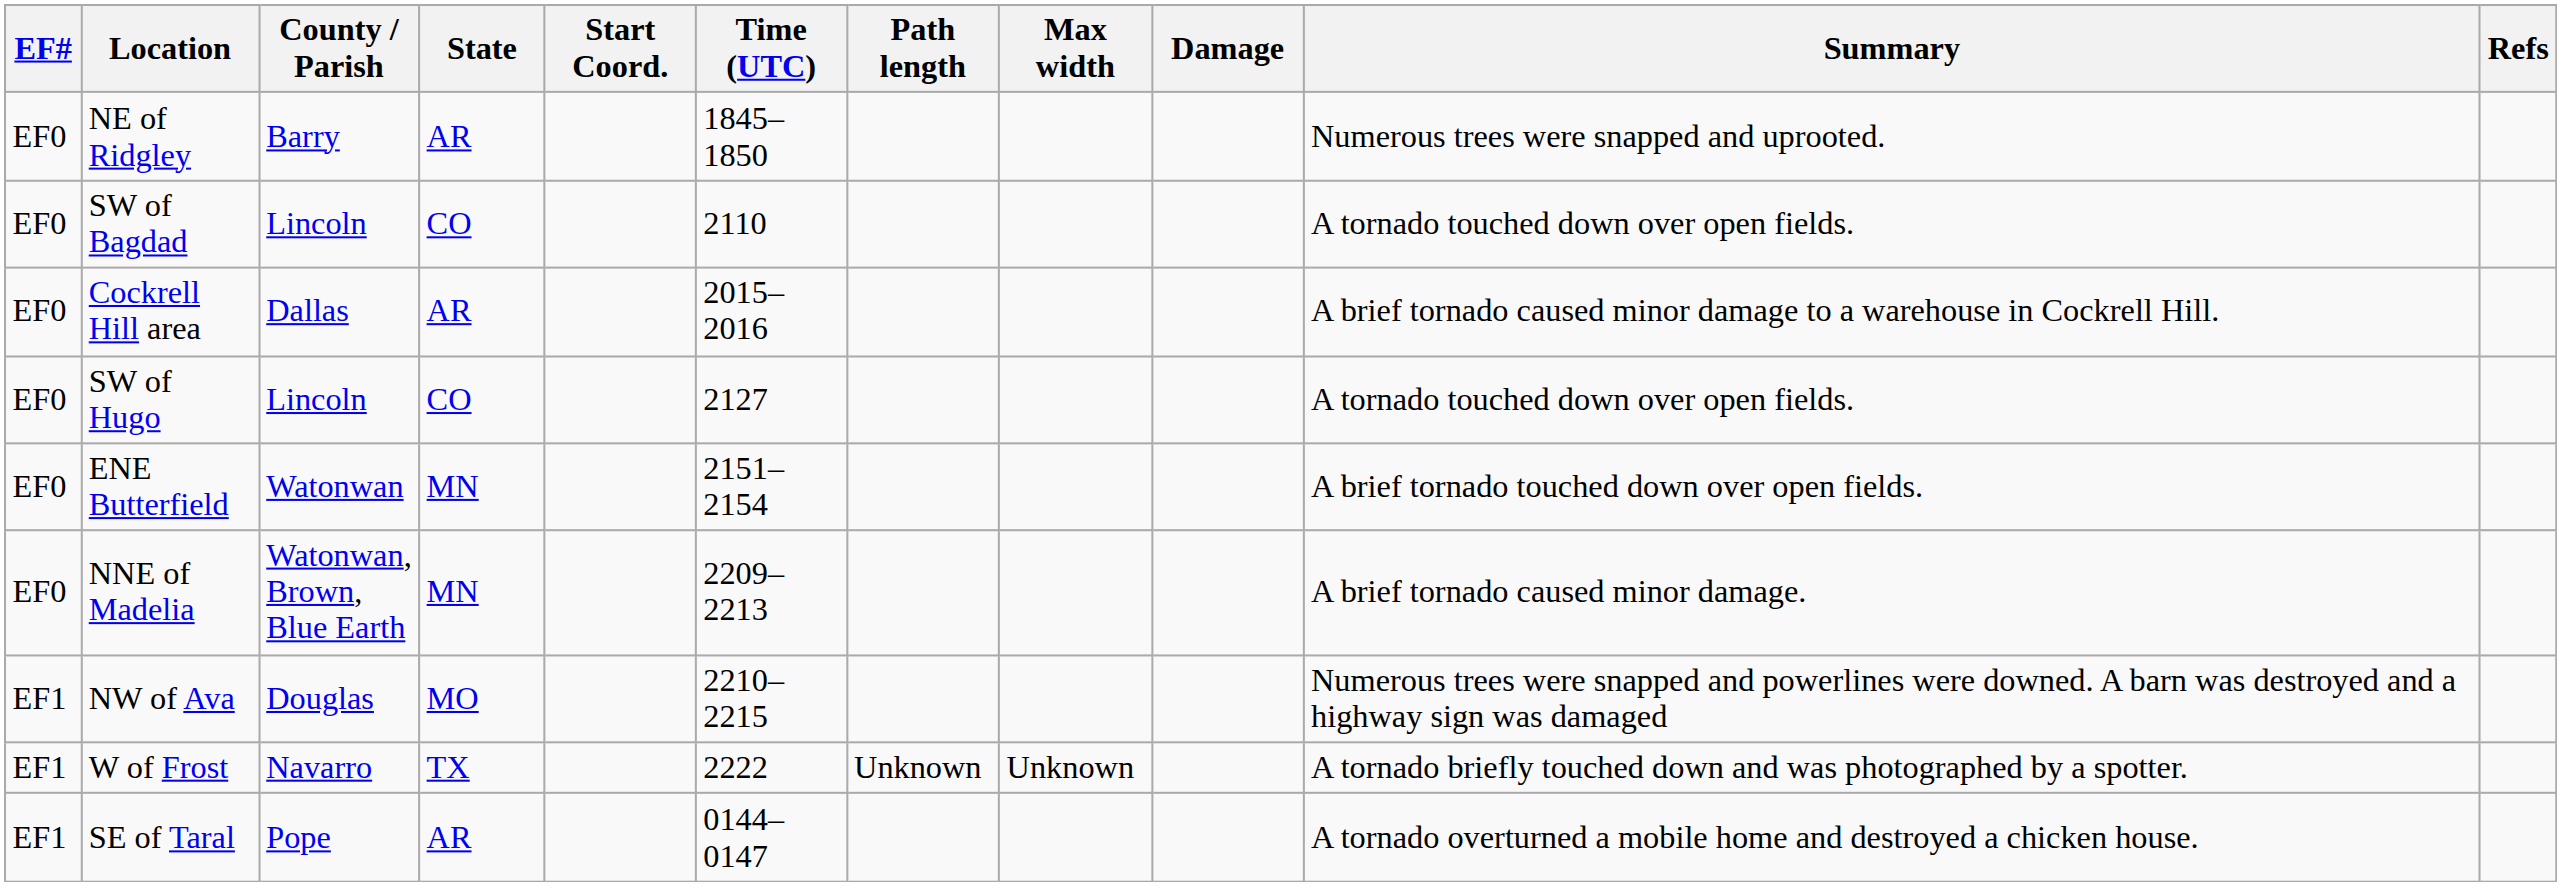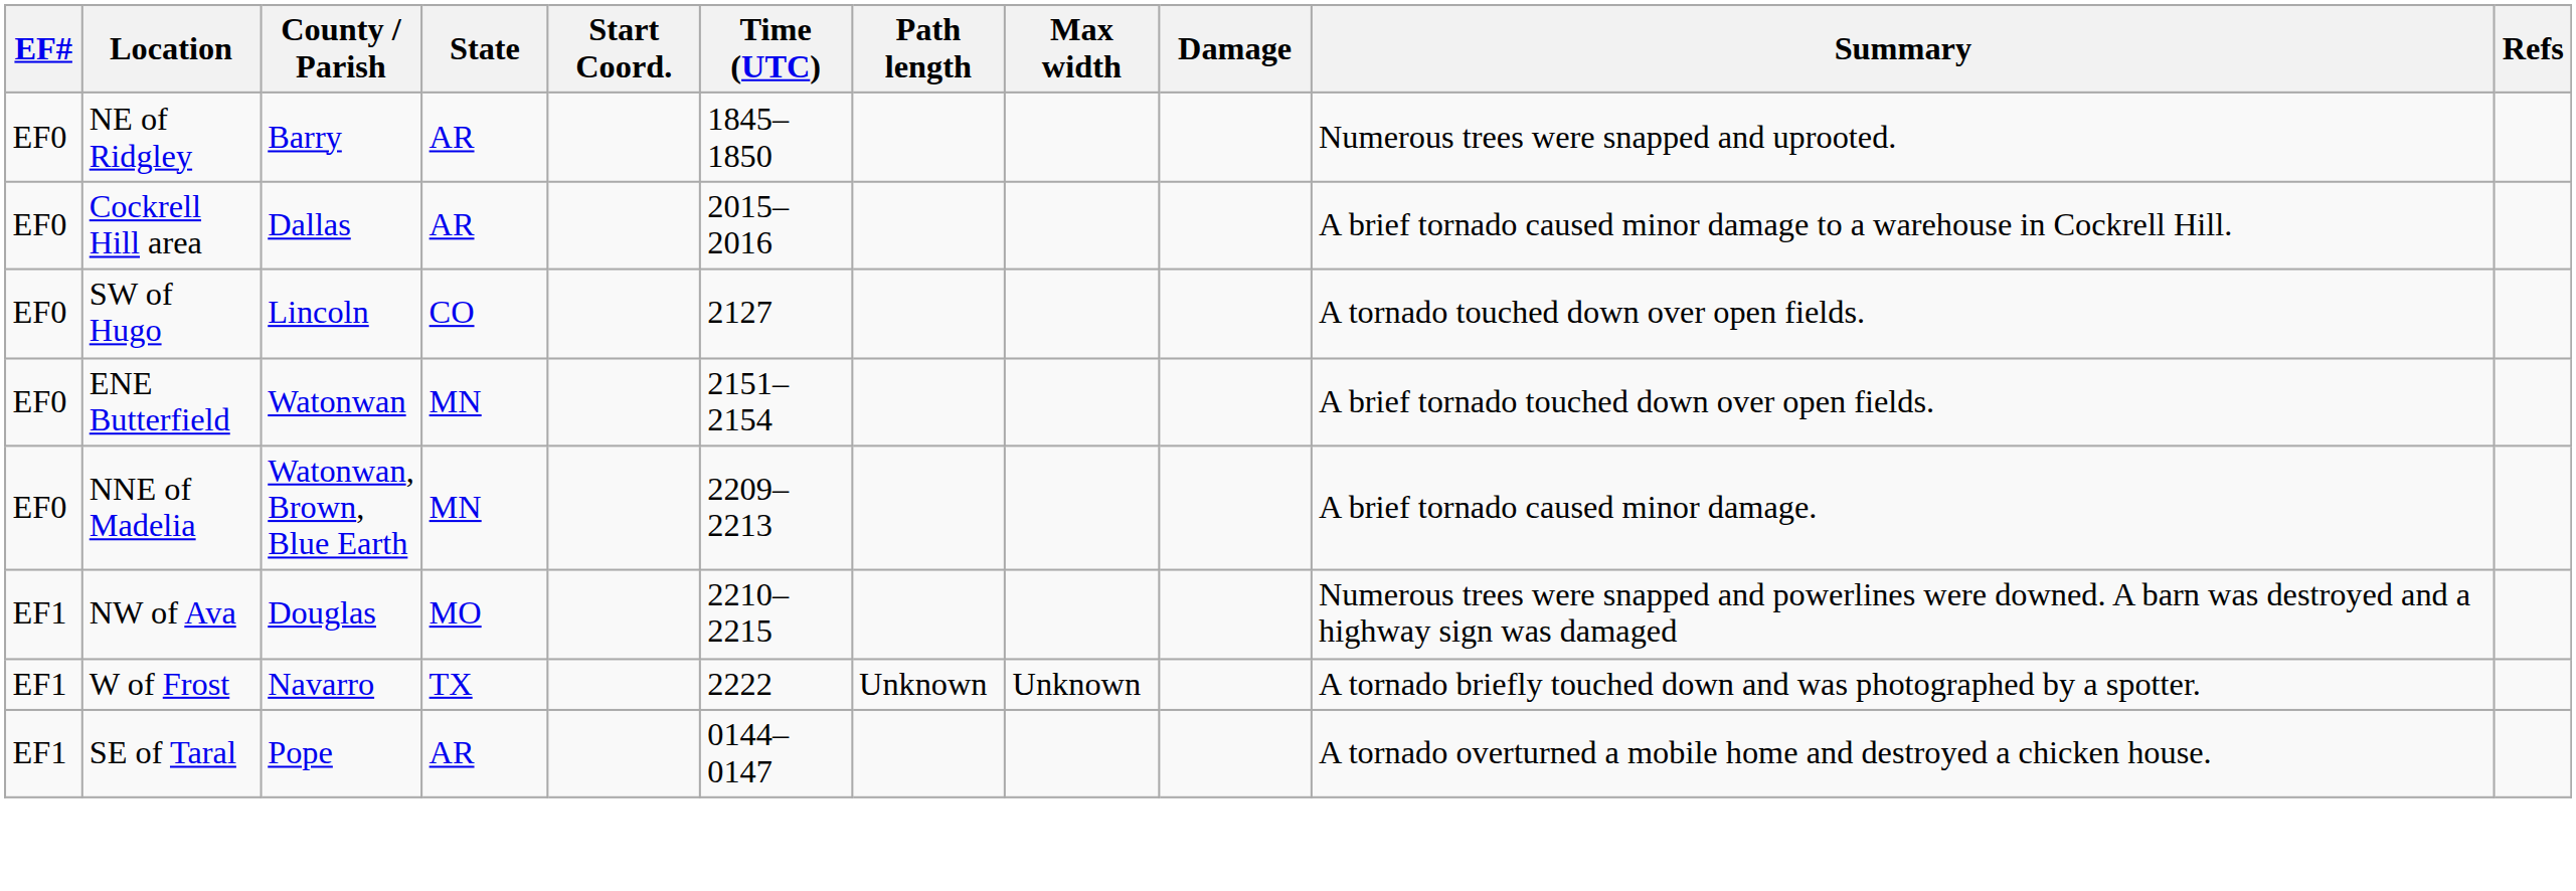 <table class="wikitable sortable" style="width:100%;">
 <tr>
 <th scope="col" width="3%" align="center"><a href='#'>EF#</a></th>
 <th scope="col" width="7%" align="center" class="unsortable">Location</th>
 <th scope="col" width="6%" align="center" class="unsortable">County / Parish</th>
 <th scope="col" width="5%" align="center">State</th>
 <th scope="col" width="6%" align="center">Start Coord.</th>
 <th scope="col" width="6%" align="center">Time (<a href='#'>UTC</a>)</th>
 <th scope="col" width="6%" align="center">Path length</th>
 <th scope="col" width="6%" align="center">Max width</th>
 <th scope="col" width="6%" align="center">Damage</th>
 <th scope="col" width="48%" class="unsortable" align="center">Summary</th>
 <th scope="col" width="48%" class="unsortable" align="center">Refs</th>
 </tr>
 <tr>
 <td>EF0</td>
 <td>NE of <a href='#'>Ridgley</a></td>
 <td><a href='#'>Barry</a></td>
 <td><a href='#'>AR</a></td>
 <td></td>
 <td>1845–1850</td>
 <td></td>
 <td></td>
 <td></td>
 <td>Numerous trees were snapped and uprooted.</td>
-<td></td>
-</tr>
-<tr>
-<td>EF0</td>
-<td>SW of <a href='#'>Bagdad</a></td>
-<td><a href='#'>Lincoln</a></td>
-<td><a href='#'>CO</a></td>
-<td></td>
-<td>2110</td>
-<td></td>
-<td></td>
-<td></td>
-<td>A tornado touched down over open fields.</td>
 <td></td>
 </tr>
 <tr>
 <td>EF0</td>
 <td><a href='#'>Cockrell Hill</a> area</td>
 <td><a href='#'>Dallas</a></td>
 <td><a href='#'>AR</a></td>
 <td></td>
 <td>2015–2016</td>
 <td></td>
 <td></td>
 <td></td>
 <td>A brief tornado caused minor damage to a warehouse in Cockrell Hill.</td>
 <td></td>
 </tr>
 <tr>
 <td>EF0</td>
 <td>SW of <a href='#'>Hugo</a></td>
 <td><a href='#'>Lincoln</a></td>
 <td><a href='#'>CO</a></td>
 <td></td>
 <td>2127</td>
 <td></td>
 <td></td>
 <td></td>
 <td>A tornado touched down over open fields.</td>
 <td></td>
 </tr>
 <tr>
 <td>EF0</td>
 <td>ENE <a href='#'>Butterfield</a></td>
 <td><a href='#'>Watonwan</a></td>
 <td><a href='#'>MN</a></td>
 <td></td>
 <td>2151–2154</td>
 <td></td>
 <td></td>
 <td></td>
 <td>A brief tornado touched down over open fields.</td>
 <td></td>
 </tr>
 <tr>
 <td>EF0</td>
 <td>NNE of <a href='#'>Madelia</a></td>
 <td><a href='#'>Watonwan</a>, <a href='#'>Brown</a>, <a href='#'>Blue Earth</a></td>
 <td><a href='#'>MN</a></td>
 <td></td>
 <td>2209–2213</td>
 <td></td>
 <td></td>
 <td></td>
 <td>A brief tornado caused minor damage.</td>
 <td><br></td>
 </tr>
 <tr>
 <td>EF1</td>
 <td>NW of <a href='#'>Ava</a></td>
 <td><a href='#'>Douglas</a></td>
 <td><a href='#'>MO</a></td>
 <td></td>
 <td>2210–2215</td>
 <td></td>
 <td></td>
 <td></td>
 <td>Numerous trees were snapped and powerlines were downed. A barn was destroyed and a highway sign was damaged</td>
 <td></td>
 </tr>
 <tr>
 <td>EF1</td>
 <td>W of <a href='#'>Frost</a></td>
 <td><a href='#'>Navarro</a></td>
 <td><a href='#'>TX</a></td>
 <td></td>
 <td>2222</td>
 <td>Unknown</td>
 <td>Unknown</td>
 <td></td>
 <td>A tornado briefly touched down and was photographed by a spotter.</td>
 <td></td>
 </tr>
 <tr>
 <td>EF1</td>
 <td>SE of <a href='#'>Taral</a></td>
 <td><a href='#'>Pope</a></td>
 <td><a href='#'>AR</a></td>
 <td></td>
 <td>0144–0147</td>
 <td></td>
 <td></td>
 <td></td>
 <td>A tornado overturned a mobile home and destroyed a chicken house.</td>
 <td></td>
 </tr>
 </table>
